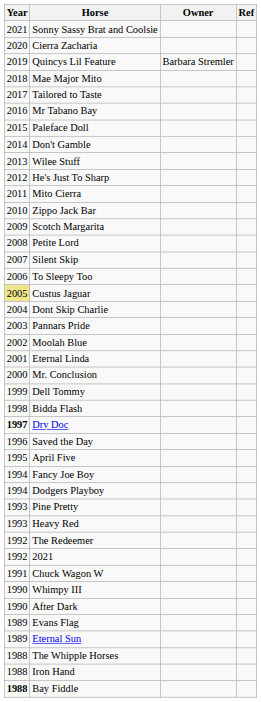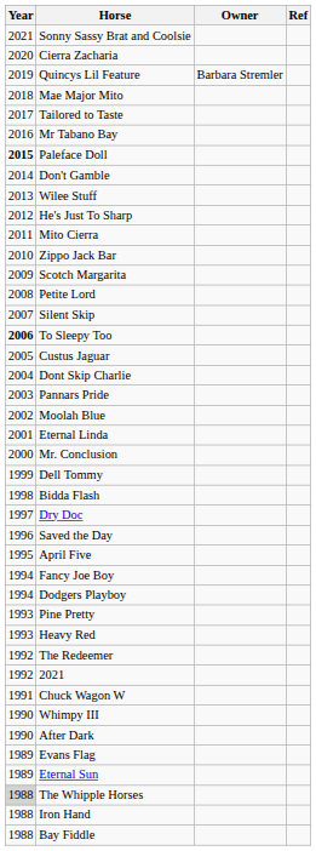 <table class="wikitable">
 <tr>
 <th>Year</th>
 <th>Horse</th>
 <th>Owner</th>
 <th>Ref</th>
 </tr>
 <tr>
 <td>2021</td>
 <td>Sonny Sassy Brat and Coolsie</td>
 <td></td>
 <td></td>
 </tr>
 <tr>
 <td>2020</td>
 <td>Cierra Zacharia</td>
 <td></td>
 <td></td>
 </tr>
 <tr>
 <td>2019</td>
 <td>Quincys Lil Feature</td>
 <td>Barbara Stremler</td>
 <td></td>
 </tr>
 <tr>
 <td>2018</td>
 <td>Mae Major Mito</td>
 <td></td>
 <td></td>
 </tr>
 <tr>
 <td>2017</td>
 <td>Tailored to Taste</td>
 <td></td>
 <td></td>
 </tr>
 <tr>
 <td>2016</td>
 <td>Mr Tabano Bay</td>
 <td></td>
 <td></td>
 </tr>
 <tr>
-<td>2015</td>
+<td><strong>2015</strong></td>
 <td>Paleface Doll</td>
 <td></td>
 <td></td>
 </tr>
 <tr>
 <td>2014</td>
 <td>Don't Gamble</td>
 <td></td>
 <td></td>
 </tr>
 <tr>
 <td>2013</td>
 <td>Wilee Stuff</td>
 <td></td>
 <td></td>
 </tr>
 <tr>
 <td>2012</td>
 <td>He's Just To Sharp</td>
 <td></td>
 <td></td>
 </tr>
 <tr>
 <td>2011</td>
 <td>Mito Cierra</td>
 <td></td>
 <td></td>
 </tr>
 <tr>
 <td>2010</td>
 <td>Zippo Jack Bar</td>
 <td></td>
 <td></td>
 </tr>
 <tr>
 <td>2009</td>
 <td>Scotch Margarita</td>
 <td></td>
 <td></td>
 </tr>
 <tr>
 <td>2008</td>
 <td>Petite Lord</td>
 <td></td>
 <td></td>
 </tr>
 <tr>
 <td>2007</td>
 <td>Silent Skip</td>
 <td></td>
 <td></td>
 </tr>
 <tr>
-<td>2006</td>
+<td><strong>2006</strong></td>
 <td>To Sleepy Too</td>
 <td></td>
 <td></td>
 </tr>
 <tr>
-<td style="background: khaki;">2005</td>
+<td>2005</td>
 <td>Custus Jaguar</td>
 <td></td>
 <td></td>
 </tr>
 <tr>
 <td>2004</td>
 <td>Dont Skip Charlie</td>
 <td></td>
 <td></td>
 </tr>
 <tr>
 <td>2003</td>
 <td>Pannars Pride</td>
 <td></td>
 <td></td>
 </tr>
 <tr>
 <td>2002</td>
 <td>Moolah Blue</td>
 <td></td>
 <td></td>
 </tr>
 <tr>
 <td>2001</td>
 <td>Eternal Linda</td>
 <td></td>
 <td></td>
 </tr>
 <tr>
 <td>2000</td>
 <td>Mr. Conclusion</td>
 <td></td>
 <td></td>
 </tr>
 <tr>
 <td>1999</td>
 <td>Dell Tommy</td>
 <td></td>
 <td></td>
 </tr>
 <tr>
 <td>1998</td>
 <td>Bidda Flash</td>
 <td></td>
 <td></td>
 </tr>
 <tr>
-<td><strong>1997</strong></td>
+<td>1997</td>
 <td><a href='#'>Dry Doc</a></td>
 <td></td>
 <td></td>
 </tr>
 <tr>
 <td>1996</td>
 <td>Saved the Day</td>
 <td></td>
 <td></td>
 </tr>
 <tr>
 <td>1995</td>
 <td>April Five</td>
 <td></td>
 <td></td>
 </tr>
 <tr>
 <td>1994</td>
 <td>Fancy Joe Boy</td>
 <td></td>
 <td></td>
 </tr>
 <tr>
 <td>1994</td>
 <td>Dodgers Playboy</td>
 <td></td>
 <td></td>
 </tr>
 <tr>
 <td>1993</td>
 <td>Pine Pretty</td>
 <td></td>
 <td></td>
 </tr>
 <tr>
 <td>1993</td>
 <td>Heavy Red</td>
 <td></td>
 <td></td>
 </tr>
 <tr>
 <td>1992</td>
 <td>The Redeemer</td>
 <td></td>
 <td></td>
 </tr>
 <tr>
 <td>1992</td>
 <td>2021</td>
 <td></td>
 <td></td>
 </tr>
 <tr>
 <td>1991</td>
 <td>Chuck Wagon W</td>
 <td></td>
 <td></td>
 </tr>
 <tr>
 <td>1990</td>
 <td>Whimpy III</td>
 <td></td>
 <td></td>
 </tr>
 <tr>
 <td>1990</td>
 <td>After Dark</td>
 <td></td>
 <td></td>
 </tr>
 <tr>
 <td>1989</td>
 <td>Evans Flag</td>
 <td></td>
 <td></td>
 </tr>
 <tr>
 <td>1989</td>
 <td><a href='#'>Eternal Sun</a></td>
 <td></td>
 <td></td>
 </tr>
 <tr>
-<td>1988</td>
+<td style="background: lightgrey;">1988</td>
 <td>The Whipple Horses</td>
 <td></td>
 <td></td>
 </tr>
 <tr>
 <td>1988</td>
 <td>Iron Hand</td>
 <td></td>
 <td></td>
 </tr>
 <tr>
-<td><strong>1988</strong></td>
+<td>1988</td>
 <td>Bay Fiddle</td>
 <td></td>
 <td></td>
 </tr>
 </table>
